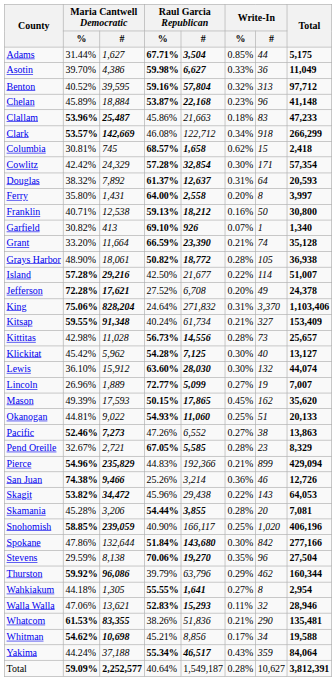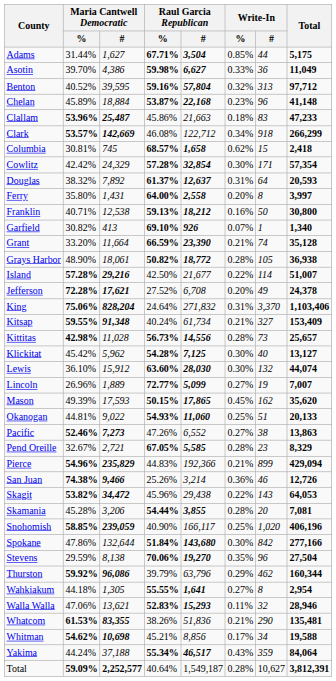 <table class="wikitable sortable">
 <tr>
 <th rowspan="2">County</th>
 <th colspan="2">Maria Cantwell<br><em>Democratic</em></th>
 <th colspan="2">Raul Garcia<br><em>Republican</em></th>
 <th colspan="2">Write-In</th>
 <th rowspan="2">Total</th>
 </tr>
 <tr>
 <th>%</th>
 <th>#</th>
 <th>%</th>
 <th>#</th>
 <th>%</th>
 <th>#</th>
 </tr>
 <tr>
 <td><a href='#'>Adams</a></td>
 <td>31.44%</td>
 <td><em>1,627</em></td>
 <td><strong>67.71%</strong></td>
 <td><strong><em>3,504</em></strong></td>
 <td>0.85%</td>
 <td><em>44</em></td>
 <td><strong>5,175</strong></td>
 </tr>
 <tr>
 <td><a href='#'>Asotin</a></td>
 <td>39.70%</td>
 <td><em>4,386</em></td>
 <td><strong>59.98%</strong></td>
 <td><strong><em>6,627</em></strong></td>
 <td>0.33%</td>
 <td><em>36</em></td>
 <td><strong>11,049</strong></td>
 </tr>
 <tr>
 <td><a href='#'>Benton</a></td>
 <td>40.52%</td>
 <td><em>39,595</em></td>
 <td><strong>59.16%</strong></td>
 <td><strong><em>57,804</em></strong></td>
 <td>0.32%</td>
 <td><em>313</em></td>
 <td><strong>97,712</strong></td>
 </tr>
 <tr>
 <td><a href='#'>Chelan</a></td>
 <td>45.89%</td>
 <td><em>18,884</em></td>
 <td><strong>53.87%</strong></td>
 <td><strong><em>22,168</em></strong></td>
 <td>0.23%</td>
 <td><em>96</em></td>
 <td><strong>41,148</strong></td>
 </tr>
 <tr>
 <td><a href='#'>Clallam</a></td>
 <td><strong>53.96%</strong></td>
 <td><strong><em>25,487</em></strong></td>
 <td>45.86%</td>
 <td><em>21,663</em></td>
 <td>0.18%</td>
 <td><em>83</em></td>
 <td><strong>47,233</strong></td>
 </tr>
 <tr>
 <td><a href='#'>Clark</a></td>
 <td><strong>53.57%</strong></td>
 <td><strong><em>142,669</em></strong></td>
 <td>46.08%</td>
 <td><em>122,712</em></td>
 <td>0.34%</td>
 <td><em>918</em></td>
 <td><strong>266,299</strong></td>
 </tr>
 <tr>
 <td><a href='#'>Columbia</a></td>
 <td>30.81%</td>
 <td><em>745</em></td>
 <td><strong>68.57%</strong></td>
 <td><strong><em>1,658</em></strong></td>
 <td>0.62%</td>
 <td><em>15</em></td>
 <td><strong>2,418</strong></td>
 </tr>
 <tr>
 <td><a href='#'>Cowlitz</a></td>
 <td>42.42%</td>
 <td><em>24,329</em></td>
 <td><strong>57.28%</strong></td>
 <td><strong><em>32,854</em></strong></td>
 <td>0.30%</td>
 <td><em>171</em></td>
 <td><strong>57,354</strong></td>
 </tr>
 <tr>
 <td><a href='#'>Douglas</a></td>
 <td>38.32%</td>
 <td><em>7,892</em></td>
 <td><strong>61.37%</strong></td>
 <td><strong><em>12,637</em></strong></td>
 <td>0.31%</td>
 <td><em>64</em></td>
 <td><strong>20,593</strong></td>
 </tr>
 <tr>
 <td><a href='#'>Ferry</a></td>
 <td>35.80%</td>
 <td><em>1,431</em></td>
 <td><strong>64.00%</strong></td>
 <td><strong><em>2,558</em></strong></td>
 <td>0.20%</td>
 <td><em>8</em></td>
 <td><strong>3,997</strong></td>
 </tr>
 <tr>
 <td><a href='#'>Franklin</a></td>
 <td>40.71%</td>
 <td><em>12,538</em></td>
 <td><strong>59.13%</strong></td>
 <td><strong><em>18,212</em></strong></td>
 <td>0.16%</td>
 <td><em>50</em></td>
 <td><strong>30,800</strong></td>
 </tr>
 <tr>
 <td><a href='#'>Garfield</a></td>
 <td>30.82%</td>
 <td><em>413</em></td>
 <td><strong>69.10%</strong></td>
 <td><strong><em>926</em></strong></td>
 <td>0.07%</td>
 <td><em>1</em></td>
 <td><strong>1,340</strong></td>
 </tr>
 <tr>
 <td><a href='#'>Grant</a></td>
 <td>33.20%</td>
 <td><em>11,664</em></td>
 <td><strong>66.59%</strong></td>
 <td><strong><em>23,390</em></strong></td>
 <td>0.21%</td>
 <td><em>74</em></td>
 <td><strong>35,128</strong></td>
 </tr>
 <tr>
 <td><a href='#'>Grays Harbor</a></td>
 <td>48.90%</td>
 <td><em>18,061</em></td>
 <td><strong>50.82%</strong></td>
 <td><strong><em>18,772</em></strong></td>
 <td>0.28%</td>
 <td><em>105</em></td>
 <td><strong>36,938</strong></td>
 </tr>
 <tr>
 <td><a href='#'>Island</a></td>
 <td><strong>57.28%</strong></td>
 <td><strong><em>29,216</em></strong></td>
 <td>42.50%</td>
 <td><em>21,677</em></td>
 <td>0.22%</td>
 <td><em>114</em></td>
 <td><strong>51,007</strong></td>
 </tr>
 <tr>
 <td><a href='#'>Jefferson</a></td>
 <td><strong>72.28%</strong></td>
 <td><strong><em>17,621</em></strong></td>
 <td>27.52%</td>
 <td><em>6,708</em></td>
 <td>0.20%</td>
 <td><em>49</em></td>
 <td><strong>24,378</strong></td>
 </tr>
 <tr>
 <td><a href='#'>King</a></td>
 <td><strong>75.06%</strong></td>
 <td><strong><em>828,204</em></strong></td>
 <td>24.64%</td>
 <td><em>271,832</em></td>
 <td>0.31%</td>
 <td><em>3,370</em></td>
 <td><strong>1,103,406</strong></td>
 </tr>
 <tr>
 <td><a href='#'>Kitsap</a></td>
 <td><strong>59.55%</strong></td>
 <td><strong><em>91,348</em></strong></td>
 <td>40.24%</td>
 <td><em>61,734</em></td>
 <td>0.21%</td>
 <td><em>327</em></td>
 <td><strong>153,409</strong></td>
 </tr>
 <tr>
 <td><a href='#'>Kittitas</a></td>
-<td>42.98%</td>
+<td><strong>42.98%</strong></td>
 <td><em>11,028</em></td>
 <td><strong>56.73%</strong></td>
 <td><strong><em>14,556</em></strong></td>
 <td>0.28%</td>
 <td><em>73</em></td>
 <td><strong>25,657</strong></td>
 </tr>
 <tr>
 <td><a href='#'>Klickitat</a></td>
 <td>45.42%</td>
 <td><em>5,962</em></td>
 <td><strong>54.28%</strong></td>
 <td><strong><em>7,125</em></strong></td>
 <td>0.30%</td>
 <td><em>40</em></td>
 <td><strong>13,127</strong></td>
 </tr>
 <tr>
 <td><a href='#'>Lewis</a></td>
 <td>36.10%</td>
 <td><em>15,912</em></td>
 <td><strong>63.60%</strong></td>
 <td><strong><em>28,030</em></strong></td>
 <td>0.30%</td>
 <td><em>132</em></td>
 <td><strong>44,074</strong></td>
 </tr>
 <tr>
 <td><a href='#'>Lincoln</a></td>
 <td>26.96%</td>
 <td><em>1,889</em></td>
 <td><strong>72.77%</strong></td>
 <td><strong><em>5,099</em></strong></td>
 <td>0.27%</td>
 <td><em>19</em></td>
 <td><strong>7,007</strong></td>
 </tr>
 <tr>
 <td><a href='#'>Mason</a></td>
 <td>49.39%</td>
 <td><em>17,593</em></td>
 <td><strong>50.15%</strong></td>
 <td><strong><em>17,865</em></strong></td>
 <td>0.45%</td>
 <td><em>162</em></td>
 <td><strong>35,620</strong></td>
 </tr>
 <tr>
 <td><a href='#'>Okanogan</a></td>
 <td>44.81%</td>
 <td><em>9,022</em></td>
 <td><strong>54.93%</strong></td>
 <td><strong><em>11,060</em></strong></td>
 <td>0.25%</td>
 <td><em>51</em></td>
 <td><strong>20,133</strong></td>
 </tr>
 <tr>
 <td><a href='#'>Pacific</a></td>
 <td><strong>52.46%</strong></td>
 <td><strong><em>7,273</em></strong></td>
 <td>47.26%</td>
 <td><em>6,552</em></td>
 <td>0.27%</td>
 <td><em>38</em></td>
 <td><strong>13,863</strong></td>
 </tr>
 <tr>
 <td><a href='#'>Pend Oreille</a></td>
 <td>32.67%</td>
 <td><em>2,721</em></td>
 <td><strong>67.05%</strong></td>
 <td><strong><em>5,585</em></strong></td>
 <td>0.28%</td>
 <td><em>23</em></td>
 <td><strong>8,329</strong></td>
 </tr>
 <tr>
 <td><a href='#'>Pierce</a></td>
 <td><strong>54.96%</strong></td>
 <td><strong><em>235,829</em></strong></td>
 <td>44.83%</td>
 <td><em>192,366</em></td>
 <td>0.21%</td>
 <td><em>899</em></td>
 <td><strong>429,094</strong></td>
 </tr>
 <tr>
 <td><a href='#'>San Juan</a></td>
 <td><strong>74.38%</strong></td>
 <td><strong><em>9,466</em></strong></td>
 <td>25.26%</td>
 <td><em>3,214</em></td>
 <td>0.36%</td>
 <td><em>46</em></td>
 <td><strong>12,726</strong></td>
 </tr>
 <tr>
 <td><a href='#'>Skagit</a></td>
 <td><strong>53.82%</strong></td>
 <td><strong><em>34,472</em></strong></td>
 <td>45.96%</td>
 <td><em>29,438</em></td>
 <td>0.22%</td>
 <td><em>143</em></td>
 <td><strong>64,053</strong></td>
 </tr>
 <tr>
 <td><a href='#'>Skamania</a></td>
 <td>45.28%</td>
 <td><em>3,206</em></td>
 <td><strong>54.44%</strong></td>
 <td><strong><em>3,855</em></strong></td>
 <td>0.28%</td>
 <td><em>20</em></td>
 <td><strong>7,081</strong></td>
 </tr>
 <tr>
 <td><a href='#'>Snohomish</a></td>
 <td><strong>58.85%</strong></td>
 <td><strong><em>239,059</em></strong></td>
 <td>40.90%</td>
 <td><em>166,117</em></td>
 <td>0.25%</td>
 <td><em>1,020</em></td>
 <td><strong>406,196</strong></td>
 </tr>
 <tr>
 <td><a href='#'>Spokane</a></td>
 <td>47.86%</td>
 <td><em>132,644</em></td>
 <td><strong>51.84%</strong></td>
 <td><strong><em>143,680</em></strong></td>
 <td>0.30%</td>
 <td><em>842</em></td>
 <td><strong>277,166</strong></td>
 </tr>
 <tr>
 <td><a href='#'>Stevens</a></td>
 <td>29.59%</td>
 <td><em>8,138</em></td>
 <td><strong>70.06%</strong></td>
 <td><strong><em>19,270</em></strong></td>
 <td>0.35%</td>
 <td><em>96</em></td>
 <td><strong>27,504</strong></td>
 </tr>
 <tr>
 <td><a href='#'>Thurston</a></td>
 <td><strong>59.92%</strong></td>
 <td><strong><em>96,086</em></strong></td>
 <td>39.79%</td>
 <td><em>63,796</em></td>
 <td>0.29%</td>
 <td><em>462</em></td>
 <td><strong>160,344</strong></td>
 </tr>
 <tr>
 <td><a href='#'>Wahkiakum</a></td>
 <td>44.18%</td>
 <td><em>1,305</em></td>
 <td><strong>55.55%</strong></td>
 <td><strong><em>1,641</em></strong></td>
 <td>0.27%</td>
 <td><em>8</em></td>
 <td><strong>2,954</strong></td>
 </tr>
 <tr>
 <td><a href='#'>Walla Walla</a></td>
 <td>47.06%</td>
 <td><em>13,621</em></td>
 <td><strong>52.83%</strong></td>
 <td><strong><em>15,293</em></strong></td>
 <td>0.11%</td>
 <td><em>32</em></td>
 <td><strong>28,946</strong></td>
 </tr>
 <tr>
 <td><a href='#'>Whatcom</a></td>
 <td><strong>61.53%</strong></td>
 <td><strong><em>83,355</em></strong></td>
 <td>38.26%</td>
 <td><em>51,836</em></td>
 <td>0.21%</td>
 <td><em>290</em></td>
 <td><strong>135,481</strong></td>
 </tr>
 <tr>
 <td><a href='#'>Whitman</a></td>
 <td><strong>54.62%</strong></td>
 <td><strong><em>10,698</em></strong></td>
 <td>45.21%</td>
 <td><em>8,856</em></td>
 <td>0.17%</td>
 <td><em>34</em></td>
 <td><strong>19,588</strong></td>
 </tr>
 <tr>
 <td><a href='#'>Yakima</a></td>
 <td>44.24%</td>
 <td><em>37,188</em></td>
 <td><strong>55.34%</strong></td>
 <td><strong><em>46,517</em></strong></td>
 <td>0.43%</td>
 <td><em>359</em></td>
 <td><strong>84,064</strong></td>
 </tr>
 <tr>
 <td>Total</td>
 <td><strong>59.09%</strong></td>
 <td><strong>2,252,577</strong></td>
 <td>40.64%</td>
 <td>1,549,187</td>
 <td>0.28%</td>
 <td>10,627</td>
 <td><strong>3,812,391</strong></td>
 </tr>
 </table>
